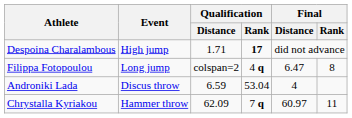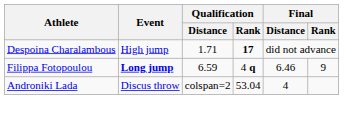 <table class="wikitable" style="font-size:90%; text-align:center">
 <tr>
 <th rowspan=2>Athlete</th>
 <th rowspan=2>Event</th>
 <th colspan=2>Qualification</th>
 <th colspan=2>Final</th>
 </tr>
 <tr style="font-size:95%">
 <th>Distance</th>
 <th>Rank</th>
 <th>Distance</th>
 <th>Rank</th>
 </tr>
 <tr>
 <td align=left><a href='#'>Despoina Charalambous</a></td>
 <td align=left rowspan=1><a href='#'>High jump</a></td>
 <td>1.71</td>
 <td><strong>17</strong></td>
 <td colspan=2>did not advance</td>
 </tr>
 <tr>
 <td align=left><a href='#'>Filippa Fotopoulou</a></td>
-<td align=left rowspan=1><a href='#'>Long jump</a></td>
-<td>colspan=2 </td>
+<td align=left rowspan=1><strong><a href='#'>Long jump</a></strong></td>
+<td>6.59</td>
 <td>4 <strong>q</strong></td>
-<td>6.47</td>
-<td>8</td>
+<td>6.46</td>
+<td>9</td>
 </tr>
 <tr>
 <td align=left><a href='#'>Androniki Lada</a></td>
 <td align=left rowspan=1><a href='#'>Discus throw</a></td>
-<td>6.59</td>
+<td>colspan=2 </td>
 <td>53.04</td>
 <td>4</td>
 </tr>
-<tr>
-<td align=left><a href='#'>Chrystalla Kyriakou</a></td>
-<td align=left rowspan=1><a href='#'>Hammer throw</a></td>
-<td>62.09</td>
-<td>7 <strong>q</strong></td>
-<td>60.97</td>
-<td>11</td>
-</tr>
 </table>
